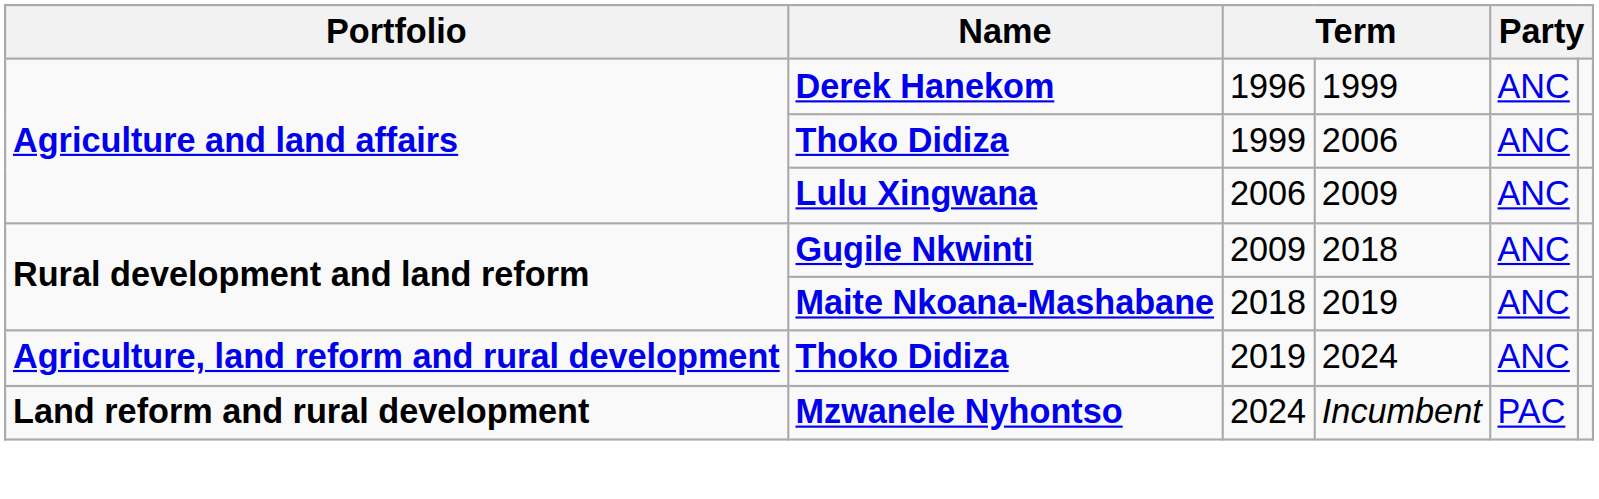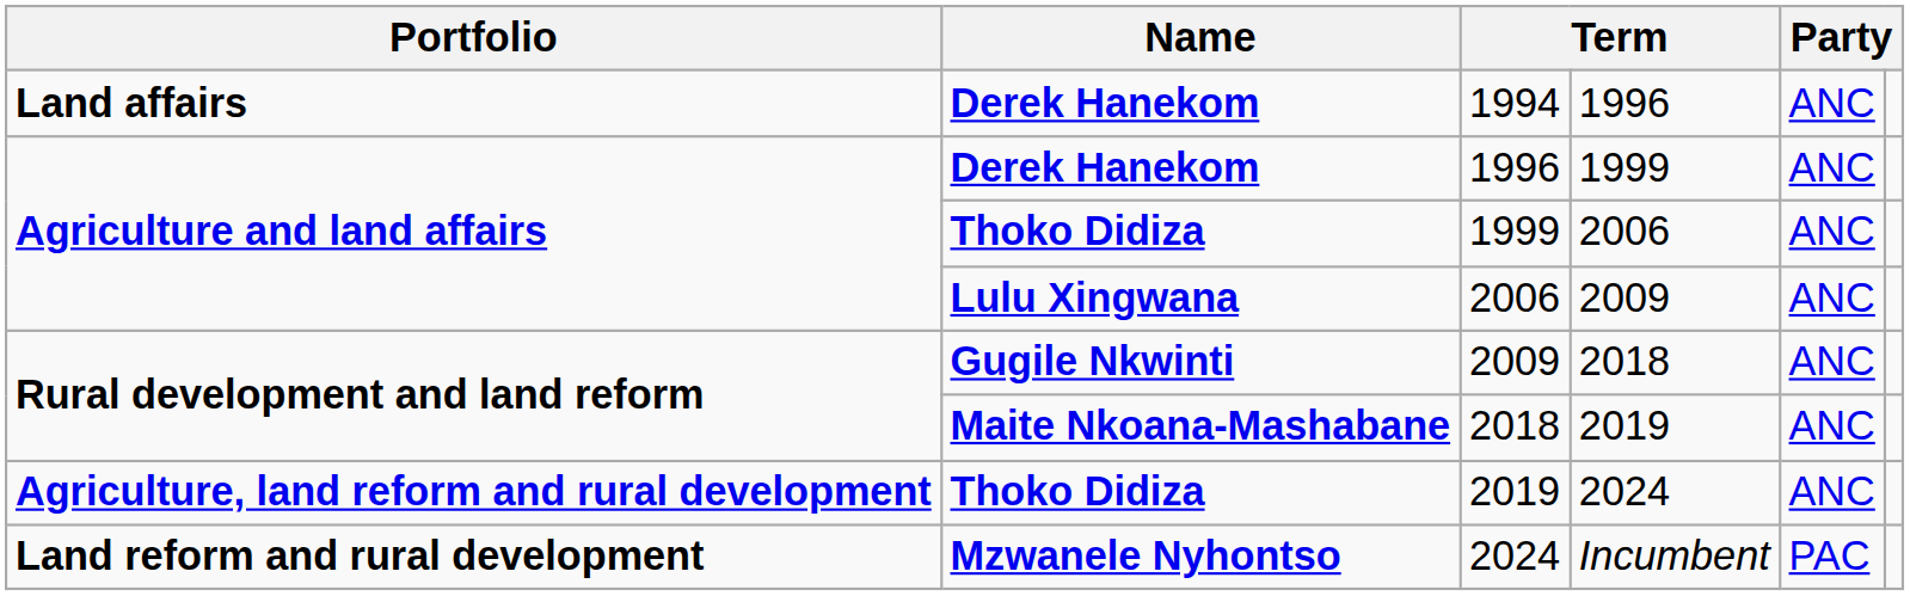 <table class="wikitable">
 <tr>
 <th>Portfolio</th>
 <th>Name</th>
 <th colspan="2">Term</th>
 <th colspan="2">Party</th>
+</tr>
+<tr>
+<td><strong>Land affairs</strong></td>
+<td><strong><a href='#'>Derek Hanekom</a></strong></td>
+<td>1994</td>
+<td>1996</td>
+<td><a href='#'>ANC</a></td>
+<td style="background-color: "></td>
 </tr>
 <tr>
 <td rowspan="3"><strong><a href='#'>Agriculture and land affairs</a></strong></td>
 <td><strong><a href='#'>Derek Hanekom</a></strong></td>
 <td>1996</td>
 <td>1999</td>
 <td><a href='#'>ANC</a></td>
 <td style="background-color: "></td>
 </tr>
 <tr>
 <td><strong><a href='#'>Thoko Didiza</a></strong></td>
 <td>1999</td>
 <td>2006</td>
 <td><a href='#'>ANC</a></td>
 <td style="background-color: "></td>
 </tr>
 <tr>
 <td><strong><a href='#'>Lulu Xingwana</a></strong></td>
 <td>2006</td>
 <td>2009</td>
 <td><a href='#'>ANC</a></td>
 <td style="background-color: "></td>
 </tr>
 <tr>
 <td rowspan="2"><strong>Rural development and land reform</strong></td>
 <td><strong><a href='#'>Gugile Nkwinti</a></strong></td>
 <td>2009</td>
 <td>2018</td>
 <td><a href='#'>ANC</a></td>
 <td style="background-color: "></td>
 </tr>
 <tr>
 <td><strong><a href='#'>Maite Nkoana-Mashabane</a></strong></td>
 <td>2018</td>
 <td>2019</td>
 <td><a href='#'>ANC</a></td>
 <td style="background-color: "></td>
 </tr>
 <tr>
 <td><strong><a href='#'>Agriculture, land reform and rural development</a></strong></td>
 <td><strong><a href='#'>Thoko Didiza</a></strong></td>
 <td>2019</td>
 <td>2024</td>
 <td><a href='#'>ANC</a></td>
 <td style="background-color: "></td>
 </tr>
 <tr>
 <td><strong>Land reform and rural development</strong></td>
 <td><strong><a href='#'>Mzwanele Nyhontso</a></strong></td>
 <td>2024</td>
 <td><em>Incumbent</em></td>
 <td><a href='#'>PAC</a></td>
 <td style="background-color: "></td>
 </tr>
 </table>
